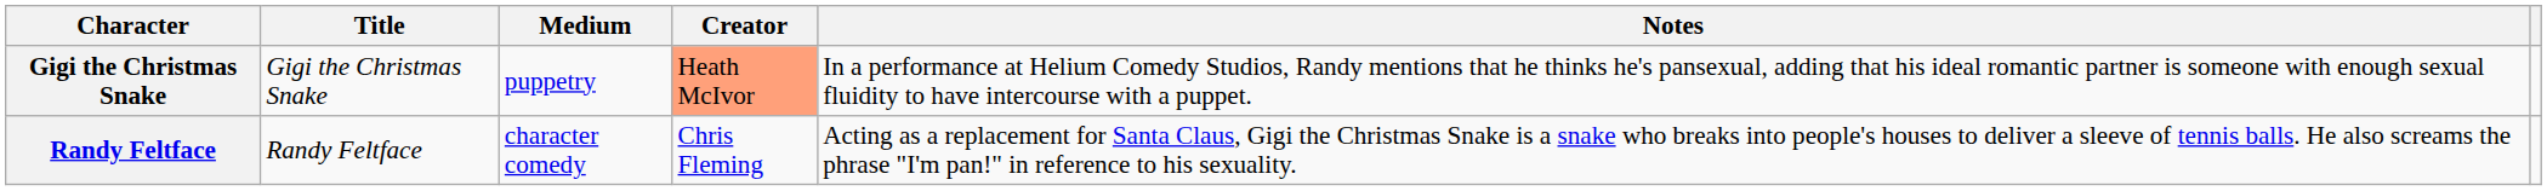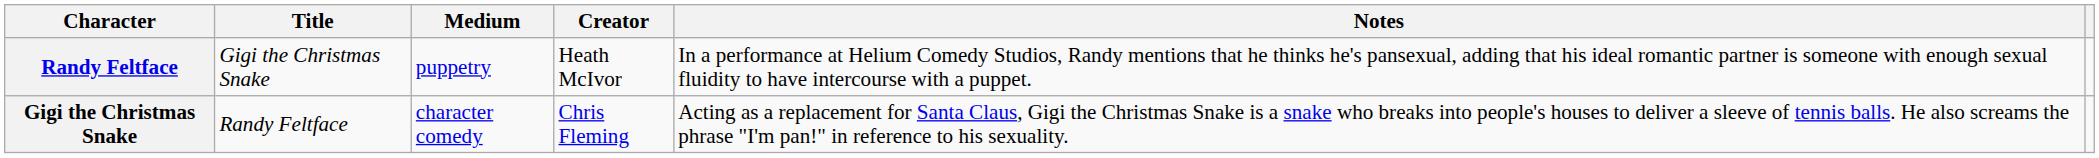 <table class="wikitable sortable" style="width: 100%">
 <tr>
 <th>Character</th>
 <th>Title</th>
 <th>Medium</th>
 <th>Creator</th>
 <th scope="col" class="unsortable">Notes</th>
 <th scope="col" class="unsortable"></th>
 </tr>
 <tr>
-<th>Gigi the Christmas Snake</th>
+<th><a href='#'>Randy Feltface</a></th>
 <td><em>Gigi the Christmas Snake</em></td>
 <td><a href='#'>puppetry</a></td>
-<td style="background: lightsalmon;">Heath McIvor</td>
+<td>Heath McIvor</td>
 <td>In a performance at Helium Comedy Studios, Randy mentions that he thinks he's pansexual, adding that his ideal romantic partner is someone with enough sexual fluidity to have intercourse with a puppet.</td>
 </tr>
 <tr>
-<th><a href='#'>Randy Feltface</a></th>
+<th>Gigi the Christmas Snake</th>
 <td><em>Randy Feltface</em></td>
 <td><a href='#'>character comedy</a></td>
 <td><a href='#'>Chris Fleming</a></td>
 <td>Acting as a replacement for <a href='#'>Santa Claus</a>, Gigi the Christmas Snake is a <a href='#'>snake</a> who breaks into people's houses to deliver a sleeve of <a href='#'>tennis balls</a>. He also screams the phrase "I'm pan!" in reference to his sexuality.</td>
 <td></td>
 </tr>
 </table>
